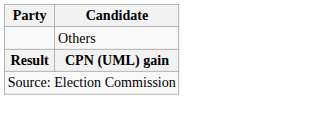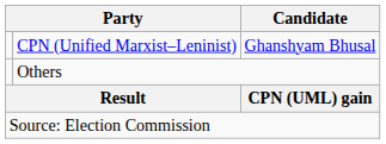 <table class="wikitable">
 <tr>
 <th colspan="2">Party</th>
 <th>Candidate</th>
+</tr>
+<tr>
+<td style="background-color:"></td>
+<td><a href='#'>CPN (Unified Marxist–Leninist)</a></td>
+<td><a href='#'>Ghanshyam Bhusal</a></td>
 </tr>
 <tr>
 <td></td>
 <td colspan="2">Others</td>
 </tr>
 <tr>
 <th colspan="2">Result</th>
 <th>CPN (UML) gain</th>
 </tr>
 <tr>
 <td colspan="3">Source: Election Commission</td>
 </tr>
 </table>
